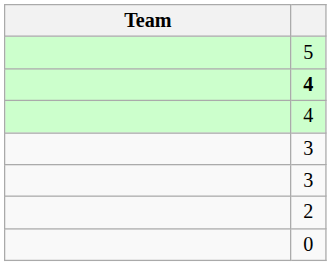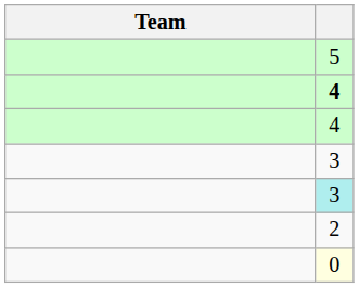 <table class="wikitable" style="text-align:center;">
 <tr>
 <th width=220>Team</th>
 <th width=20></th>
 </tr>
 <tr bgcolor="#ccffcc">
 <td align=left></td>
 <td>5</td>
 </tr>
 <tr bgcolor="#ccffcc">
 <td align=left></td>
 <td><strong>4</strong></td>
 </tr>
 <tr bgcolor="#ccffcc">
 <td align=left></td>
 <td>4</td>
 </tr>
 <tr>
 <td align=left></td>
 <td>3</td>
 </tr>
 <tr>
 <td align=left></td>
-<td>3</td>
+<td style="background: paleturquoise;">3</td>
 </tr>
 <tr>
 <td align=left></td>
 <td>2</td>
 </tr>
 <tr>
 <td align=left></td>
-<td>0</td>
+<td style="background: lightyellow;">0</td>
 </tr>
 </table>
